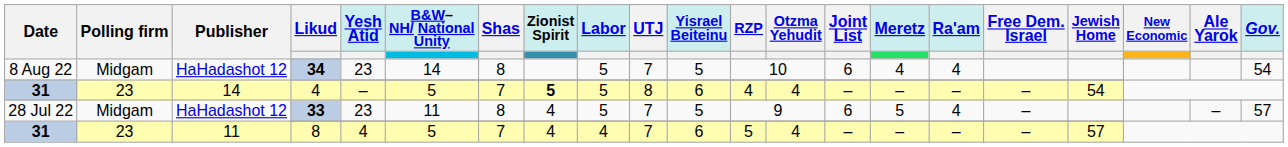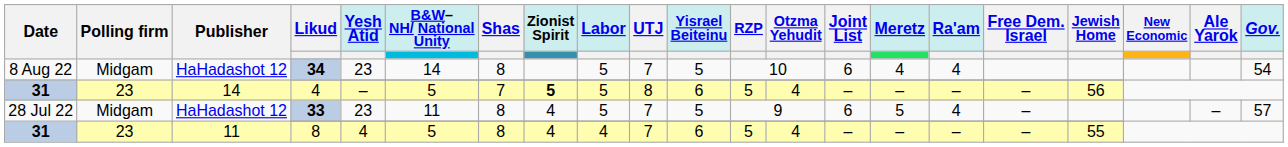 <table class="wikitable sortable" style="text-align:center;font-size:90%;line-height:12px">
 <tr>
 <th rowspan="2">Date</th>
 <th rowspan="2">Polling firm</th>
 <th rowspan="2">Publisher</th>
 <th><a href='#'>Likud</a></th>
 <th style="background:#cee"><a href='#'>Yesh<br>Atid</a></th>
 <th style="background:#cee;font-size:90% "><a href='#'>B&W</a>–<br><a href='#'>NH/</a> <a href='#'>National<br>Unity</a></th>
 <th><a href='#'>Shas</a></th>
 <th style="background:#cee;font-size:90% ">Zionist<br>Spirit</th>
 <th style="background:#cee"><a href='#'>Labor</a></th>
 <th><a href='#'>UTJ</a></th>
 <th style="background:#cee; font-size:90%"><a href='#'>Yisrael<br>Beiteinu</a></th>
 <th style="font-size:90%"><a href='#'>RZP</a></th>
 <th style="font-size:90%"><a href='#'>Otzma<br>Yehudit</a></th>
 <th><a href='#'>Joint<br>List</a></th>
 <th style="background:#cee"><a href='#'>Meretz</a></th>
 <th style="background:#cee"><a href='#'>Ra'am</a></th>
 <th><a href='#'>Free Dem.<br>Israel</a></th>
 <th style="font-size:90%"><a href='#'>Jewish<br>Home</a></th>
 <th style="font-size:80%"><a href='#'>New<br>Economic</a></th>
 <th><a href='#'>Ale<br>Yarok</a></th>
 <th style="background:#cee"><a href='#'><em>Gov.</em></a></th>
 </tr>
 <tr>
 <th style="background:"></th>
 <th style="background:"></th>
 <th style="background:#00BBE0"></th>
 <th style="background:"></th>
 <th style="background:#3590AE"></th>
 <th style="background:"></th>
 <th style="background:"></th>
 <th style="background:"></th>
 <th style="background:"></th>
 <th style="background:"></th>
 <th style="background:"></th>
 <th style="background:#23e164"></th>
 <th style="background:"></th>
 <th style="background:"></th>
 <th style="background:"></th>
 <th style="background:#FEB414"></th>
 <th style="background:"></th>
 <th style="background:"></th>
 </tr>
 <tr>
 <td rowspan="2">8 Aug 22</td>
 <td rowspan="2">Midgam</td>
 <td rowspan="2"><a href='#'>HaHadashot 12</a></td>
 <td style=background:#BBCDE4><strong>34</strong></td>
 <td>23</td>
 <td>14</td>
 <td>8</td>
 <td></td>
 <td>5</td>
 <td>7</td>
 <td>5</td>
 <td colspan="2">10</td>
 <td>6</td>
 <td>4</td>
 <td>4</td>
 <td></td>
 <td></td>
 <td></td>
 <td></td>
 <td>54</td>
 </tr>
 <tr>
 </tr>
 <tr style=background:#fffdb0>
 <td style=background:#BBCDE4><strong>31</strong></td>
 <td>23</td>
 <td>14</td>
 <td>4</td>
 <td>–</td>
 <td>5</td>
 <td>7</td>
 <td><strong>5</strong></td>
 <td>5</td>
 <td>8</td>
 <td>6</td>
-<td>4</td>
+<td>5</td>
 <td>4</td>
 <td>–</td>
 <td>–</td>
 <td>–</td>
 <td>–</td>
-<td>54</td>
+<td>56</td>
 </tr>
 <tr>
 <td rowspan="2">28 Jul 22</td>
 <td rowspan="2">Midgam</td>
 <td rowspan="2"><a href='#'>HaHadashot 12</a></td>
 <td style=background:#BBCDE4><strong>33</strong></td>
 <td>23</td>
 <td>11</td>
 <td>8</td>
 <td>4</td>
 <td>5</td>
 <td>7</td>
 <td>5</td>
 <td colspan="2">9</td>
 <td>6</td>
 <td>5</td>
 <td>4</td>
 <td>–</td>
 <td></td>
 <td></td>
 <td>–</td>
 <td>57</td>
 </tr>
 <tr>
 </tr>
 <tr style=background:#fffdb0>
 <td style=background:#BBCDE4><strong>31</strong></td>
 <td>23</td>
 <td>11</td>
 <td>8</td>
 <td>4</td>
 <td>5</td>
-<td>7</td>
+<td>8</td>
 <td>4</td>
 <td>4</td>
 <td>7</td>
 <td>6</td>
 <td>5</td>
 <td>4</td>
 <td>–</td>
 <td>–</td>
 <td>–</td>
 <td>–</td>
-<td>57</td>
+<td>55</td>
 </tr>
 </table>
